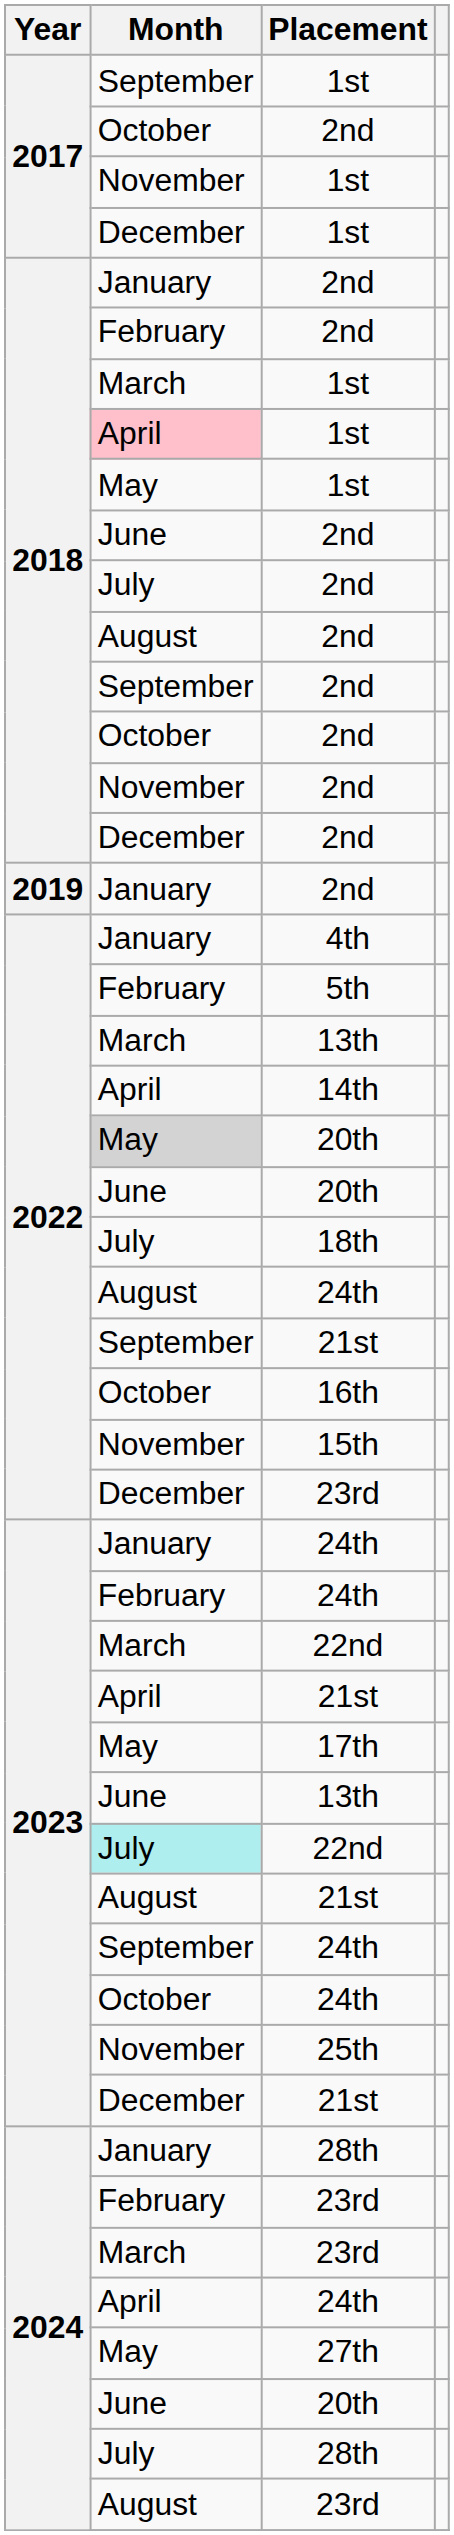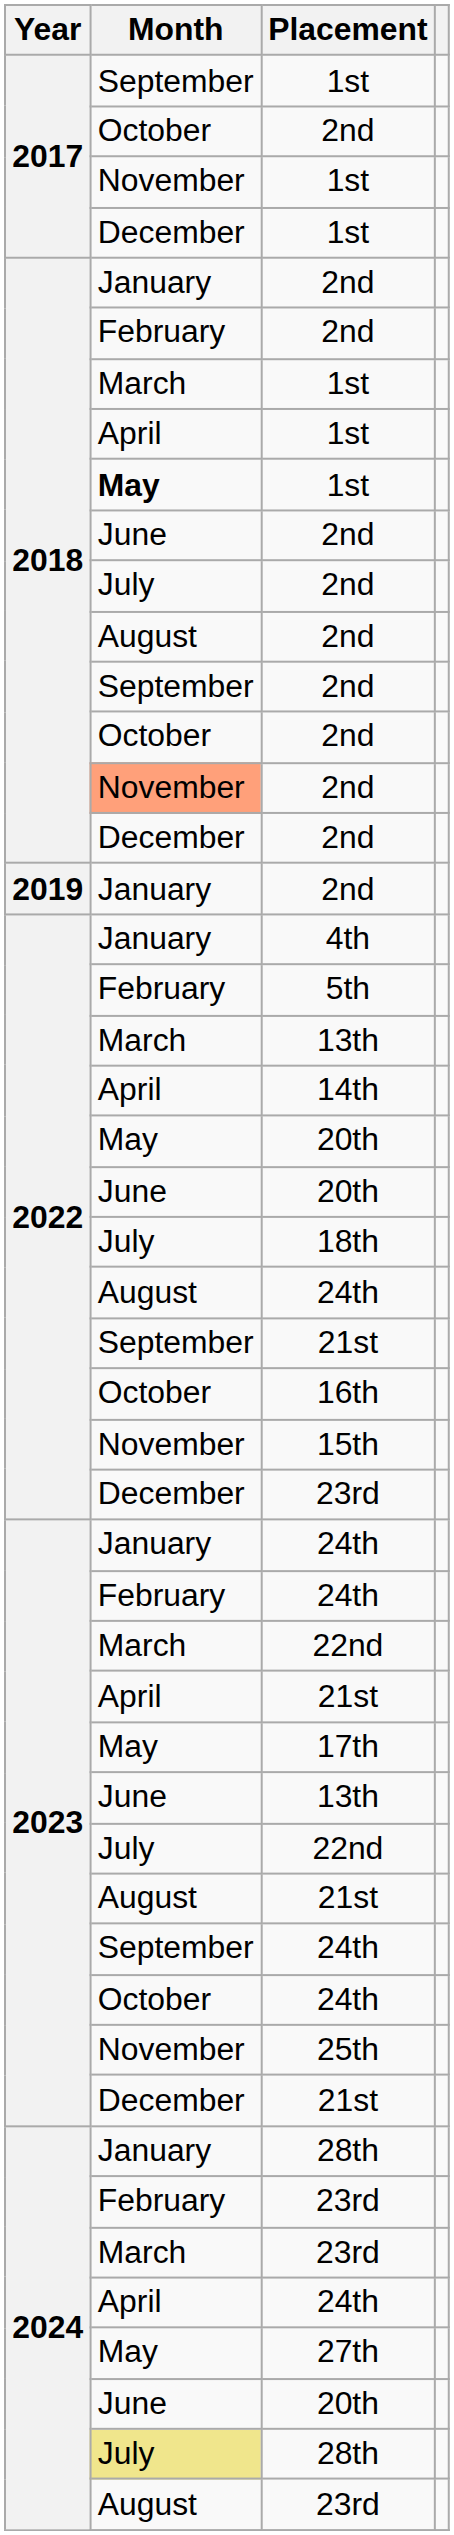 <table class="wikitable plainrowheaders sortable" style="margin-right: 0;">
 <tr>
 <th scope="col">Year</th>
 <th scope="col">Month</th>
 <th scope="col">Placement</th>
 <th scope="col" class="unsortable"></th>
 </tr>
 <tr>
 <th scope="row" rowspan="4">2017</th>
 <td>September</td>
 <td style="text-align:center;">1st</td>
 <td style="text-align:center;"></td>
 </tr>
 <tr>
 <td>October</td>
 <td style="text-align:center;">2nd</td>
 <td style="text-align:center;"></td>
 </tr>
 <tr>
 <td>November</td>
 <td style="text-align:center;">1st</td>
 <td style="text-align:center;"></td>
 </tr>
 <tr>
 <td>December</td>
 <td style="text-align:center;">1st</td>
 <td style="text-align:center;"></td>
 </tr>
 <tr>
 <th scope="row" rowspan="12">2018</th>
 <td>January</td>
 <td style="text-align:center;">2nd</td>
 <td style="text-align:center;"></td>
 </tr>
 <tr>
 <td>February</td>
 <td style="text-align:center;">2nd</td>
 <td style="text-align:center;"></td>
 </tr>
 <tr>
 <td>March</td>
 <td style="text-align:center;">1st</td>
 <td style="text-align:center;"></td>
 </tr>
 <tr>
-<td style="background: pink;">April</td>
+<td>April</td>
 <td style="text-align:center;">1st</td>
 <td style="text-align:center;"></td>
 </tr>
 <tr>
-<td>May</td>
+<td><strong>May</strong></td>
 <td style="text-align:center;">1st</td>
 <td style="text-align:center;"></td>
 </tr>
 <tr>
 <td>June</td>
 <td style="text-align:center;">2nd</td>
 <td style="text-align:center;"></td>
 </tr>
 <tr>
 <td>July</td>
 <td style="text-align:center;">2nd</td>
 <td style="text-align:center;"></td>
 </tr>
 <tr>
 <td>August</td>
 <td style="text-align:center;">2nd</td>
 <td style="text-align:center;"></td>
 </tr>
 <tr>
 <td>September</td>
 <td style="text-align:center;">2nd</td>
 <td style="text-align:center;"></td>
 </tr>
 <tr>
 <td>October</td>
 <td style="text-align:center;">2nd</td>
 <td style="text-align:center;"></td>
 </tr>
 <tr>
-<td>November</td>
+<td style="background: lightsalmon;">November</td>
 <td style="text-align:center;">2nd</td>
 <td style="text-align:center;"></td>
 </tr>
 <tr>
 <td>December</td>
 <td style="text-align:center;">2nd</td>
 <td style="text-align:center;"></td>
 </tr>
 <tr>
 <th scope="row" rowspan="1">2019</th>
 <td>January</td>
 <td style="text-align:center;">2nd</td>
 <td style="text-align:center;"></td>
 </tr>
 <tr>
 <th scope="row" rowspan="12">2022</th>
 <td>January</td>
 <td style="text-align:center;">4th</td>
 <td style="text-align:center;"></td>
 </tr>
 <tr>
 <td>February</td>
 <td style="text-align:center;">5th</td>
 <td style="text-align:center;"></td>
 </tr>
 <tr>
 <td>March</td>
 <td style="text-align:center;">13th</td>
 <td style="text-align:center;"></td>
 </tr>
 <tr>
 <td>April</td>
 <td style="text-align:center;">14th</td>
 <td style="text-align:center;"></td>
 </tr>
 <tr>
-<td style="background: lightgrey;">May</td>
+<td>May</td>
 <td style="text-align:center;">20th</td>
 <td style="text-align:center;"></td>
 </tr>
 <tr>
 <td>June</td>
 <td style="text-align:center;">20th</td>
 <td style="text-align:center;"></td>
 </tr>
 <tr>
 <td>July</td>
 <td style="text-align:center;">18th</td>
 <td style="text-align:center;"></td>
 </tr>
 <tr>
 <td>August</td>
 <td style="text-align:center;">24th</td>
 <td style="text-align:center;"></td>
 </tr>
 <tr>
 <td>September</td>
 <td style="text-align:center;">21st</td>
 <td style="text-align:center;"></td>
 </tr>
 <tr>
 <td>October</td>
 <td style="text-align:center;">16th</td>
 <td style="text-align:center;"></td>
 </tr>
 <tr>
 <td>November</td>
 <td style="text-align:center;">15th</td>
 <td style="text-align:center;"></td>
 </tr>
 <tr>
 <td>December</td>
 <td style="text-align:center;">23rd</td>
 <td style="text-align:center;"></td>
 </tr>
 <tr>
 <th scope="row" rowspan="12">2023</th>
 <td>January</td>
 <td style="text-align:center;">24th</td>
 <td style="text-align:center;"></td>
 </tr>
 <tr>
 <td>February</td>
 <td style="text-align:center;">24th</td>
 <td style="text-align:center;"></td>
 </tr>
 <tr>
 <td>March</td>
 <td style="text-align:center;">22nd</td>
 <td style="text-align:center;"></td>
 </tr>
 <tr>
 <td>April</td>
 <td style="text-align:center;">21st</td>
 <td style="text-align:center;"></td>
 </tr>
 <tr>
 <td>May</td>
 <td style="text-align:center;">17th</td>
 <td style="text-align:center;"></td>
 </tr>
 <tr>
 <td>June</td>
 <td style="text-align:center;">13th</td>
 <td style="text-align:center;"></td>
 </tr>
 <tr>
-<td style="background: paleturquoise;">July</td>
+<td>July</td>
 <td style="text-align:center;">22nd</td>
 <td style="text-align:center;"></td>
 </tr>
 <tr>
 <td>August</td>
 <td style="text-align:center;">21st</td>
 <td style="text-align:center;"></td>
 </tr>
 <tr>
 <td>September</td>
 <td style="text-align:center;">24th</td>
 <td style="text-align:center;"></td>
 </tr>
 <tr>
 <td>October</td>
 <td style="text-align:center;">24th</td>
 <td style="text-align:center;"></td>
 </tr>
 <tr>
 <td>November</td>
 <td style="text-align:center;">25th</td>
 <td style="text-align:center;"></td>
 </tr>
 <tr>
 <td>December</td>
 <td style="text-align:center;">21st</td>
 <td style="text-align:center;"></td>
 </tr>
 <tr>
 <th scope="row" rowspan="12">2024</th>
 <td>January</td>
 <td style="text-align:center;">28th</td>
 <td style="text-align:center;"></td>
 </tr>
 <tr>
 <td>February</td>
 <td style="text-align:center;">23rd</td>
 <td style="text-align:center;"></td>
 </tr>
 <tr>
 <td>March</td>
 <td style="text-align:center;">23rd</td>
 <td style="text-align:center;"></td>
 </tr>
 <tr>
 <td>April</td>
 <td style="text-align:center;">24th</td>
 <td style="text-align:center;"></td>
 </tr>
 <tr>
 <td>May</td>
 <td style="text-align:center;">27th</td>
 <td style="text-align:center;"></td>
 </tr>
 <tr>
 <td>June</td>
 <td style="text-align:center;">20th</td>
 <td style="text-align:center;"></td>
 </tr>
 <tr>
-<td>July</td>
+<td style="background: khaki;">July</td>
 <td style="text-align:center;">28th</td>
 <td style="text-align:center;"></td>
 </tr>
 <tr>
 <td>August</td>
 <td style="text-align:center;">23rd</td>
 <td style="text-align:center;"></td>
 </tr>
 <tr>
 </tr>
 </table>
